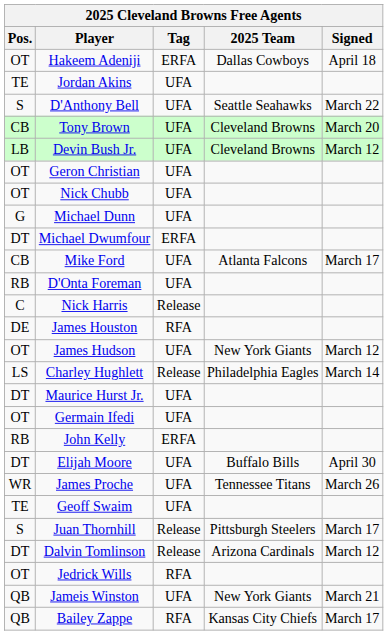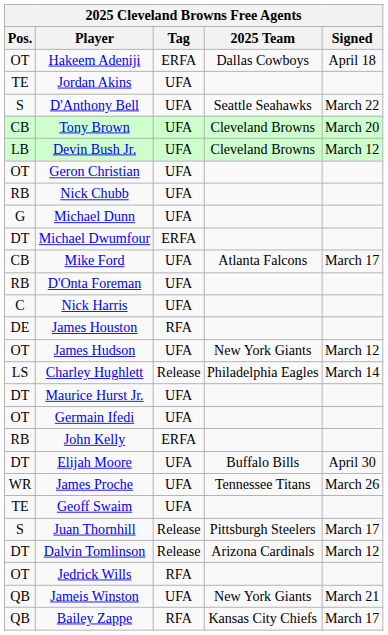 <table class="wikitable" style="text-align:center">
 <tr>
 <th colspan=5>2025 Cleveland Browns Free Agents</th>
 </tr>
 <tr>
 <th>Pos.</th>
 <th>Player</th>
 <th>Tag</th>
 <th>2025 Team</th>
 <th>Signed</th>
 </tr>
 <tr>
 <td>OT</td>
 <td><a href='#'>Hakeem Adeniji</a></td>
 <td>ERFA</td>
 <td>Dallas Cowboys</td>
 <td>April 18</td>
 </tr>
 <tr>
 <td>TE</td>
 <td><a href='#'>Jordan Akins</a></td>
 <td>UFA</td>
 <td></td>
 <td></td>
 </tr>
 <tr>
 <td>S</td>
 <td><a href='#'>D'Anthony Bell</a></td>
 <td>UFA</td>
 <td>Seattle Seahawks</td>
 <td>March 22</td>
 </tr>
 <tr bgcolor="#ccffcc">
 <td>CB</td>
 <td><a href='#'>Tony Brown</a></td>
 <td>UFA</td>
 <td>Cleveland Browns</td>
 <td>March 20</td>
 </tr>
 <tr bgcolor="#ccffcc">
 <td>LB</td>
 <td><a href='#'>Devin Bush Jr.</a></td>
 <td>UFA</td>
 <td>Cleveland Browns</td>
 <td>March 12</td>
 </tr>
 <tr>
 <td>OT</td>
 <td><a href='#'>Geron Christian</a></td>
 <td>UFA</td>
 <td></td>
 <td></td>
 </tr>
 <tr>
-<td>OT</td>
+<td>RB</td>
 <td><a href='#'>Nick Chubb</a></td>
 <td>UFA</td>
 <td></td>
 <td></td>
 </tr>
 <tr>
 <td>G</td>
 <td><a href='#'>Michael Dunn</a></td>
 <td>UFA</td>
 <td></td>
 <td></td>
 </tr>
 <tr>
 <td>DT</td>
 <td><a href='#'>Michael Dwumfour</a></td>
 <td>ERFA</td>
 <td></td>
 <td></td>
 </tr>
 <tr>
 <td>CB</td>
 <td><a href='#'>Mike Ford</a></td>
 <td>UFA</td>
 <td>Atlanta Falcons</td>
 <td>March 17</td>
 </tr>
 <tr>
 <td>RB</td>
 <td><a href='#'>D'Onta Foreman</a></td>
 <td>UFA</td>
 <td></td>
 <td></td>
 </tr>
 <tr>
 <td>C</td>
 <td><a href='#'>Nick Harris</a></td>
-<td>Release</td>
+<td>UFA</td>
 <td></td>
 <td></td>
 </tr>
 <tr>
 <td>DE</td>
 <td><a href='#'>James Houston</a></td>
 <td>RFA</td>
 <td></td>
 <td></td>
 </tr>
 <tr>
 <td>OT</td>
 <td><a href='#'>James Hudson</a></td>
 <td>UFA</td>
 <td>New York Giants</td>
 <td>March 12</td>
 </tr>
 <tr>
 <td>LS</td>
 <td><a href='#'>Charley Hughlett</a></td>
 <td>Release</td>
 <td>Philadelphia Eagles</td>
 <td>March 14</td>
 </tr>
 <tr>
 <td>DT</td>
 <td><a href='#'>Maurice Hurst Jr.</a></td>
 <td>UFA</td>
 <td></td>
 <td></td>
 </tr>
 <tr>
 <td>OT</td>
 <td><a href='#'>Germain Ifedi</a></td>
 <td>UFA</td>
 <td></td>
 <td></td>
 </tr>
 <tr>
 <td>RB</td>
 <td><a href='#'>John Kelly</a></td>
 <td>ERFA</td>
 <td></td>
 <td></td>
 </tr>
 <tr>
 <td>DT</td>
 <td><a href='#'>Elijah Moore</a></td>
 <td>UFA</td>
 <td>Buffalo Bills</td>
 <td>April 30</td>
 </tr>
 <tr>
 <td>WR</td>
 <td><a href='#'>James Proche</a></td>
 <td>UFA</td>
 <td>Tennessee Titans</td>
 <td>March 26</td>
 </tr>
 <tr>
 <td>TE</td>
 <td><a href='#'>Geoff Swaim</a></td>
 <td>UFA</td>
 <td></td>
 <td></td>
 </tr>
 <tr>
 <td>S</td>
 <td><a href='#'>Juan Thornhill</a></td>
 <td>Release</td>
 <td>Pittsburgh Steelers</td>
 <td>March 17</td>
 </tr>
 <tr>
 <td>DT</td>
 <td><a href='#'>Dalvin Tomlinson</a></td>
 <td>Release</td>
 <td>Arizona Cardinals</td>
 <td>March 12</td>
 </tr>
 <tr>
 <td>OT</td>
 <td><a href='#'>Jedrick Wills</a></td>
 <td>RFA</td>
 <td></td>
 <td></td>
 </tr>
 <tr>
 <td>QB</td>
 <td><a href='#'>Jameis Winston</a></td>
 <td>UFA</td>
 <td>New York Giants</td>
 <td>March 21</td>
 </tr>
 <tr>
 <td>QB</td>
 <td><a href='#'>Bailey Zappe</a></td>
 <td>RFA</td>
 <td>Kansas City Chiefs</td>
 <td>March 17</td>
 </tr>
 </table>
